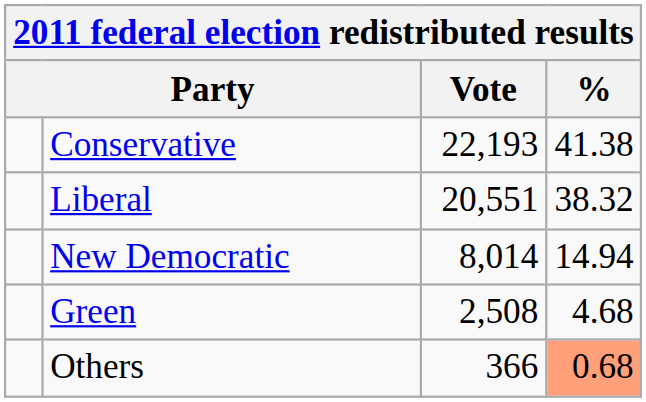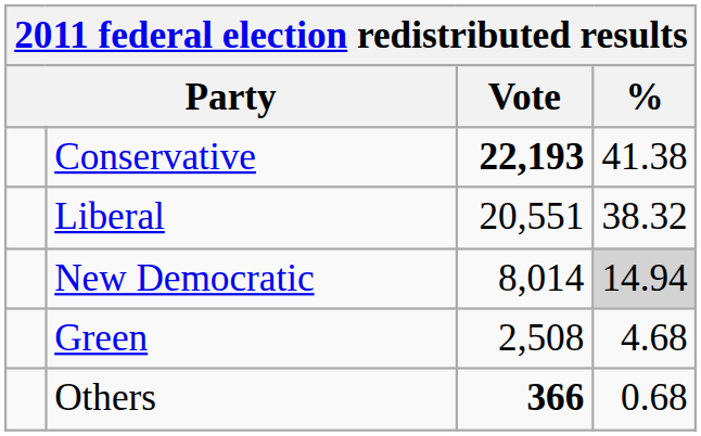 <table class="wikitable">
 <tr>
 <th colspan="4"><a href='#'>2011 federal election</a> redistributed results</th>
 </tr>
 <tr>
 <th bgcolor="#DDDDFF" width="130px" colspan="2">Party</th>
 <th bgcolor="#DDDDFF" width="50px">Vote</th>
 <th bgcolor="#DDDDFF" width="30px">%</th>
 </tr>
 <tr>
 <td> </td>
 <td><a href='#'>Conservative</a></td>
-<td align=right>22,193</td>
+<td align=right><strong>22,193</strong></td>
 <td align=right>41.38</td>
 </tr>
 <tr>
 <td> </td>
 <td><a href='#'>Liberal</a></td>
 <td align=right>20,551</td>
 <td align=right>38.32</td>
 </tr>
 <tr>
 <td> </td>
 <td><a href='#'>New Democratic</a></td>
 <td align=right>8,014</td>
-<td align=right>14.94</td>
+<td align=right style="background: lightgrey;">14.94</td>
 </tr>
 <tr>
 <td> </td>
 <td><a href='#'>Green</a></td>
 <td align=right>2,508</td>
 <td align=right>4.68</td>
 </tr>
 <tr>
 <td> </td>
 <td>Others</td>
-<td align=right>366</td>
-<td align=right style="background: lightsalmon;">0.68</td>
+<td align=right><strong>366</strong></td>
+<td align=right>0.68</td>
 </tr>
 </table>
